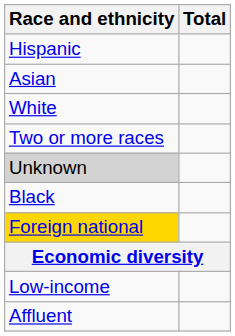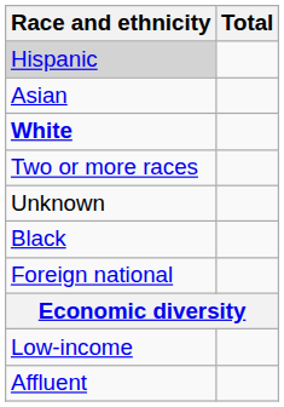 <table class="wikitable floatright sortable collapsible"; text-align:right; font-size:80%;">
 <tr>
 <th>Race and ethnicity</th>
 <th colspan="2" data-sort-type=number>Total</th>
 </tr>
 <tr>
-<td><a href='#'>Hispanic</a></td>
+<td style="background: lightgrey;"><a href='#'>Hispanic</a></td>
 <td align=right></td>
 </tr>
 <tr>
 <td><a href='#'>Asian</a></td>
 <td align=right></td>
 </tr>
 <tr>
-<td><a href='#'>White</a></td>
+<td><strong><a href='#'>White</a></strong></td>
 <td align=right></td>
 </tr>
 <tr>
 <td><a href='#'>Two or more races</a></td>
 <td align=right></td>
 </tr>
 <tr>
-<td style="background: lightgrey;">Unknown</td>
+<td>Unknown</td>
 <td align=right></td>
 </tr>
 <tr>
 <td><a href='#'>Black</a></td>
 <td align=right></td>
 </tr>
 <tr>
-<td style="background: gold;"><a href='#'>Foreign national</a></td>
+<td><a href='#'>Foreign national</a></td>
 <td align=right></td>
 </tr>
 <tr>
 <th colspan="4" data-sort-type=number><a href='#'>Economic diversity</a></th>
 </tr>
 <tr>
 <td><a href='#'>Low-income</a></td>
 <td align=right></td>
 </tr>
 <tr>
 <td><a href='#'>Affluent</a></td>
 <td align=right></td>
 </tr>
 </table>
